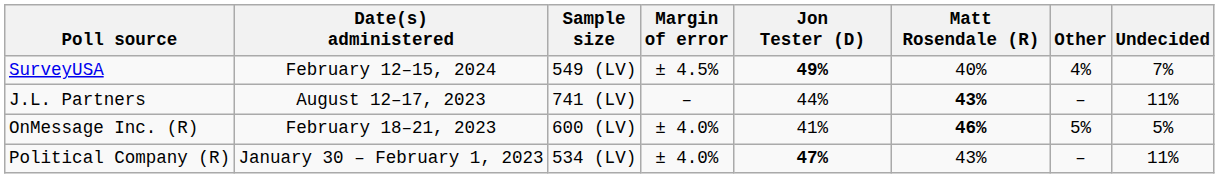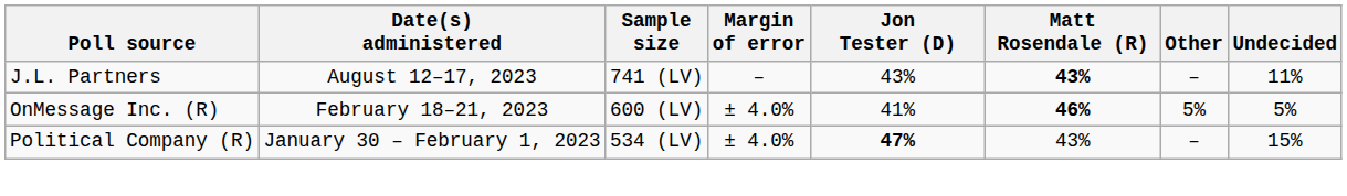 <table class="wikitable" style="font-size:90%;text-align:center;">
 <tr valign=bottom>
 <th>Poll source</th>
 <th>Date(s)<br>administered</th>
 <th>Sample<br>size</th>
 <th>Margin<br>of error</th>
 <th style="width:100px;">Jon<br>Tester (D)</th>
 <th style="width:100px;">Matt<br>Rosendale (R)</th>
 <th>Other</th>
 <th>Undecided</th>
 </tr>
 <tr>
-<td style="text-align:left;"><a href='#'>SurveyUSA</a></td>
-<td>February 12–15, 2024</td>
-<td>549 (LV)</td>
-<td>± 4.5%</td>
-<td><strong>49%</strong></td>
-<td>40%</td>
-<td>4%</td>
-<td>7%</td>
-</tr>
-<tr>
 <td style="text-align:left;">J.L. Partners</td>
 <td>August 12–17, 2023</td>
 <td>741 (LV)</td>
 <td>–</td>
-<td>44%</td>
+<td>43%</td>
 <td><strong>43%</strong></td>
 <td>–</td>
 <td>11%</td>
 </tr>
 <tr>
 <td style="text-align:left;">OnMessage Inc. (R)</td>
 <td>February 18–21, 2023</td>
 <td>600 (LV)</td>
 <td>± 4.0%</td>
 <td>41%</td>
 <td><strong>46%</strong></td>
 <td>5%</td>
 <td>5%</td>
 </tr>
 <tr>
 <td rowspan=2 style="text-align:left">Political Company (R)</td>
 <td rowspan=2>January 30 – February 1, 2023</td>
 <td rowspan=2>534 (LV)</td>
 <td rowspan=2>± 4.0%</td>
 <td><strong>47%</strong></td>
 <td>43%</td>
 <td>–</td>
-<td>11%</td>
+<td>15%</td>
 </tr>
 </table>
